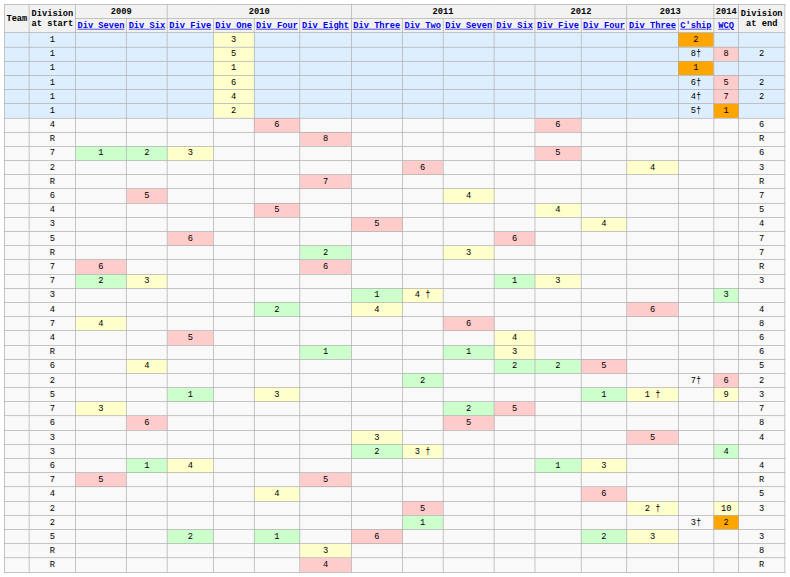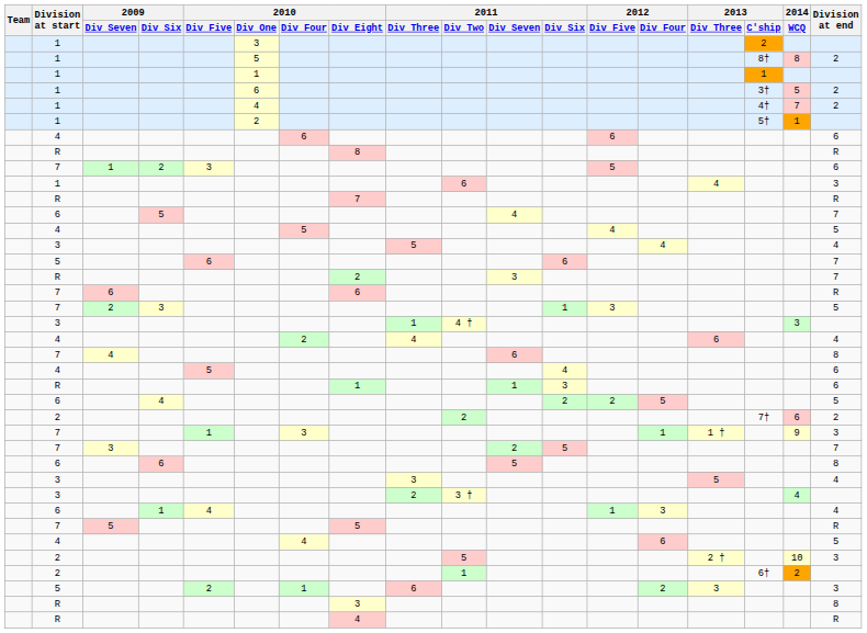 <table class="wikitable sortable" style="text-align: center;">
 <tr>
 <th rowspan=2>Team</th>
 <th rowspan=2>Division<br>at start</th>
 <th colspan=2>2009</th>
 <th colspan=4>2010</th>
 <th colspan=4>2011</th>
 <th colspan=2>2012</th>
 <th colspan=2>2013</th>
 <th colspan=1>2014</th>
 <th rowspan=2>Division<br>at end</th>
 </tr>
 <tr>
 <th><a href='#'>Div Seven</a></th>
 <th><a href='#'>Div Six</a></th>
 <th><a href='#'>Div Five</a></th>
 <th><a href='#'>Div One</a></th>
 <th><a href='#'>Div Four</a></th>
 <th><a href='#'>Div Eight</a></th>
 <th><a href='#'>Div Three</a></th>
 <th><a href='#'>Div Two</a></th>
 <th><a href='#'>Div Seven</a></th>
 <th><a href='#'>Div Six</a></th>
 <th><a href='#'>Div Five</a></th>
 <th><a href='#'>Div Four</a></th>
 <th><a href='#'>Div Three</a></th>
 <th><a href='#'>C'ship</a></th>
 <th><a href='#'>WCQ</a></th>
 </tr>
 <tr bgcolor=ddeeff>
 <td style="text-align:left"></td>
 <td>1</td>
 <td></td>
 <td></td>
 <td></td>
 <td bgcolor=ffffcc>3 </td>
 <td></td>
 <td></td>
 <td></td>
 <td></td>
 <td></td>
 <td></td>
 <td></td>
 <td></td>
 <td></td>
 <td bgcolor=orange>2</td>
 <td></td>
 <td></td>
 </tr>
 <tr bgcolor=ddeeff>
 <td style="text-align:left"></td>
 <td>1</td>
 <td></td>
 <td></td>
 <td></td>
 <td bgcolor=ffffcc>5 </td>
 <td></td>
 <td></td>
 <td></td>
 <td></td>
 <td></td>
 <td></td>
 <td></td>
 <td></td>
 <td></td>
 <td>8†</td>
 <td bgcolor=ffcccc>8 </td>
 <td>2</td>
 </tr>
 <tr bgcolor=ddeeff>
 <td style="text-align:left"></td>
 <td>1</td>
 <td></td>
 <td></td>
 <td></td>
 <td bgcolor=ffffcc>1 </td>
 <td></td>
 <td></td>
 <td></td>
 <td></td>
 <td></td>
 <td></td>
 <td></td>
 <td></td>
 <td></td>
 <td bgcolor=orange>1</td>
 <td></td>
 <td></td>
 </tr>
 <tr bgcolor=ddeeff>
 <td style="text-align:left"></td>
 <td>1</td>
 <td></td>
 <td></td>
 <td></td>
 <td bgcolor=ffffcc>6 </td>
 <td></td>
 <td></td>
 <td></td>
 <td></td>
 <td></td>
 <td></td>
 <td></td>
 <td></td>
 <td></td>
-<td>6†</td>
+<td>3†</td>
 <td bgcolor=ffcccc>5 </td>
 <td>2</td>
 </tr>
 <tr bgcolor=ddeeff>
 <td style="text-align:left"></td>
 <td>1</td>
 <td></td>
 <td></td>
 <td></td>
 <td bgcolor=ffffcc>4 </td>
 <td></td>
 <td></td>
 <td></td>
 <td></td>
 <td></td>
 <td></td>
 <td></td>
 <td></td>
 <td></td>
 <td>4†</td>
 <td bgcolor=ffcccc>7 </td>
 <td>2</td>
 </tr>
 <tr bgcolor=ddeeff>
 <td style="text-align:left"></td>
 <td>1</td>
 <td></td>
 <td></td>
 <td></td>
 <td bgcolor=ffffcc>2 </td>
 <td></td>
 <td></td>
 <td></td>
 <td></td>
 <td></td>
 <td></td>
 <td></td>
 <td></td>
 <td></td>
 <td>5†</td>
 <td bgcolor=orange>1</td>
 <td></td>
 </tr>
 <tr>
 <td style="text-align:left"></td>
 <td>4</td>
 <td></td>
 <td></td>
 <td></td>
 <td></td>
 <td bgcolor=ffcccc>6 </td>
 <td></td>
 <td></td>
 <td></td>
 <td></td>
 <td></td>
 <td bgcolor=ffcccc>6 </td>
 <td></td>
 <td></td>
 <td></td>
 <td></td>
 <td>6</td>
 </tr>
 <tr>
 <td style="text-align:left"></td>
 <td>R</td>
 <td></td>
 <td></td>
 <td></td>
 <td></td>
 <td></td>
 <td bgcolor=ffcccc>8 </td>
 <td></td>
 <td></td>
 <td></td>
 <td></td>
 <td></td>
 <td></td>
 <td></td>
 <td></td>
 <td></td>
 <td>R</td>
 </tr>
 <tr>
 <td style="text-align:left"></td>
 <td>7</td>
 <td bgcolor=ccffcc>1 </td>
 <td bgcolor=ccffcc>2 </td>
 <td bgcolor=ffffcc>3 </td>
 <td></td>
 <td></td>
 <td></td>
 <td></td>
 <td></td>
 <td></td>
 <td></td>
 <td bgcolor=ffcccc>5 </td>
 <td></td>
 <td></td>
 <td></td>
 <td></td>
 <td>6</td>
 </tr>
 <tr>
 <td style="text-align:left"></td>
-<td>2</td>
+<td>1</td>
 <td></td>
 <td></td>
 <td></td>
 <td></td>
 <td></td>
 <td></td>
 <td></td>
 <td bgcolor=ffcccc>6 </td>
 <td></td>
 <td></td>
 <td></td>
 <td></td>
 <td bgcolor=ffffcc>4 </td>
 <td></td>
 <td></td>
 <td>3</td>
 </tr>
 <tr>
 <td style="text-align:left"></td>
 <td>R</td>
 <td></td>
 <td></td>
 <td></td>
 <td></td>
 <td></td>
 <td bgcolor=ffcccc>7 </td>
 <td></td>
 <td></td>
 <td></td>
 <td></td>
 <td></td>
 <td></td>
 <td></td>
 <td></td>
 <td></td>
 <td>R</td>
 </tr>
 <tr>
 <td style="text-align:left"></td>
 <td>6</td>
 <td></td>
 <td bgcolor=ffcccc>5 </td>
 <td></td>
 <td></td>
 <td></td>
 <td></td>
 <td></td>
 <td></td>
 <td bgcolor=ffffcc>4 </td>
 <td></td>
 <td></td>
 <td></td>
 <td></td>
 <td></td>
 <td></td>
 <td>7</td>
 </tr>
 <tr>
 <td style="text-align:left"></td>
 <td>4</td>
 <td></td>
 <td></td>
 <td></td>
 <td></td>
 <td bgcolor=ffcccc>5 </td>
 <td></td>
 <td></td>
 <td></td>
 <td></td>
 <td></td>
 <td bgcolor=ffffcc>4 </td>
 <td></td>
 <td></td>
 <td></td>
 <td></td>
 <td>5</td>
 </tr>
 <tr>
 <td style="text-align:left"></td>
 <td>3</td>
 <td></td>
 <td></td>
 <td></td>
 <td></td>
 <td></td>
 <td></td>
 <td bgcolor=ffcccc>5 </td>
 <td></td>
 <td></td>
 <td></td>
 <td></td>
 <td bgcolor=ffffcc>4 </td>
 <td></td>
 <td></td>
 <td></td>
 <td>4</td>
 </tr>
 <tr>
 <td style="text-align:left"></td>
 <td>5</td>
 <td></td>
 <td></td>
 <td bgcolor=ffcccc>6 </td>
 <td></td>
 <td></td>
 <td></td>
 <td></td>
 <td></td>
 <td></td>
 <td bgcolor=ffcccc>6 </td>
 <td></td>
 <td></td>
 <td></td>
 <td></td>
 <td></td>
 <td>7</td>
 </tr>
 <tr>
 <td style="text-align:left"></td>
 <td>R</td>
 <td></td>
 <td></td>
 <td></td>
 <td></td>
 <td></td>
 <td bgcolor=ccffcc>2 </td>
 <td></td>
 <td></td>
 <td bgcolor=ffffcc>3 </td>
 <td></td>
 <td></td>
 <td></td>
 <td></td>
 <td></td>
 <td></td>
 <td>7</td>
 </tr>
 <tr>
 <td style="text-align:left"></td>
 <td>7</td>
 <td bgcolor=ffcccc>6 </td>
 <td></td>
 <td></td>
 <td></td>
 <td></td>
 <td bgcolor=ffcccc>6 </td>
 <td></td>
 <td></td>
 <td></td>
 <td></td>
 <td></td>
 <td></td>
 <td></td>
 <td></td>
 <td></td>
 <td>R</td>
 </tr>
 <tr>
 <td style="text-align:left"></td>
 <td>7</td>
 <td bgcolor=ccffcc>2 </td>
 <td bgcolor=ffffcc>3 </td>
 <td></td>
 <td></td>
 <td></td>
 <td></td>
 <td></td>
 <td></td>
 <td></td>
 <td bgcolor=ccffcc>1 </td>
 <td bgcolor=ffffcc>3 </td>
 <td></td>
 <td></td>
 <td></td>
 <td></td>
-<td>3</td>
+<td>5</td>
 </tr>
 <tr>
 <td style="text-align:left"></td>
 <td>3</td>
 <td></td>
 <td></td>
 <td></td>
 <td></td>
 <td></td>
 <td></td>
 <td bgcolor=ccffcc>1 </td>
 <td bgcolor=ffffcc>4 †</td>
 <td></td>
 <td></td>
 <td></td>
 <td></td>
 <td></td>
 <td></td>
 <td bgcolor=ccffcc>3 </td>
 <td></td>
 </tr>
 <tr>
 <td style="text-align:left"></td>
 <td>4</td>
 <td></td>
 <td></td>
 <td></td>
 <td></td>
 <td bgcolor=ccffcc>2 </td>
 <td></td>
 <td bgcolor=ffffcc>4 </td>
 <td></td>
 <td></td>
 <td></td>
 <td></td>
 <td></td>
 <td bgcolor=ffcccc>6 </td>
 <td></td>
 <td></td>
 <td>4</td>
 </tr>
 <tr>
 <td style="text-align:left"></td>
 <td>7</td>
 <td bgcolor=ffffcc>4 </td>
 <td></td>
 <td></td>
 <td></td>
 <td></td>
 <td></td>
 <td></td>
 <td></td>
 <td bgcolor=ffcccc>6 </td>
 <td></td>
 <td></td>
 <td></td>
 <td></td>
 <td></td>
 <td></td>
 <td>8</td>
 </tr>
 <tr>
 <td style="text-align:left"></td>
 <td>4</td>
 <td></td>
 <td></td>
 <td bgcolor=ffcccc>5 </td>
 <td></td>
 <td></td>
 <td></td>
 <td></td>
 <td></td>
 <td></td>
 <td bgcolor=ffffcc>4 </td>
 <td></td>
 <td></td>
 <td></td>
 <td></td>
 <td></td>
 <td>6</td>
 </tr>
 <tr>
 <td style="text-align:left"></td>
 <td>R</td>
 <td></td>
 <td></td>
 <td></td>
 <td></td>
 <td></td>
 <td bgcolor=ccffcc>1 </td>
 <td></td>
 <td></td>
 <td bgcolor=ccffcc>1 </td>
 <td bgcolor=ffffcc>3 </td>
 <td></td>
 <td></td>
 <td></td>
 <td></td>
 <td></td>
 <td>6</td>
 </tr>
 <tr>
 <td style="text-align:left"></td>
 <td>6</td>
 <td></td>
 <td bgcolor=ffffcc>4 </td>
 <td></td>
 <td></td>
 <td></td>
 <td></td>
 <td></td>
 <td></td>
 <td></td>
 <td bgcolor=ccffcc>2 </td>
 <td bgcolor=ccffcc>2 </td>
 <td bgcolor=ffcccc>5 </td>
 <td></td>
 <td></td>
 <td></td>
 <td>5</td>
 </tr>
 <tr>
 <td style="text-align:left"></td>
 <td>2</td>
 <td></td>
 <td></td>
 <td></td>
 <td></td>
 <td></td>
 <td></td>
 <td></td>
 <td bgcolor=ccffcc>2 </td>
 <td></td>
 <td></td>
 <td></td>
 <td></td>
 <td></td>
 <td>7†</td>
 <td bgcolor=ffcccc>6 </td>
 <td>2</td>
 </tr>
 <tr>
 <td style="text-align:left"></td>
-<td>5</td>
+<td>7</td>
 <td></td>
 <td></td>
 <td bgcolor=ccffcc>1 </td>
 <td></td>
 <td bgcolor=ffffcc>3 </td>
 <td></td>
 <td></td>
 <td></td>
 <td></td>
 <td></td>
 <td></td>
 <td bgcolor=ccffcc>1 </td>
 <td bgcolor=ffffcc>1 †</td>
 <td></td>
 <td bgcolor=ffffcc>9 </td>
 <td>3</td>
 </tr>
 <tr>
 <td style="text-align:left"></td>
 <td>7</td>
 <td bgcolor=ffffcc>3 </td>
 <td></td>
 <td></td>
 <td></td>
 <td></td>
 <td></td>
 <td></td>
 <td></td>
 <td bgcolor=ccffcc>2 </td>
 <td bgcolor=ffcccc>5 </td>
 <td></td>
 <td></td>
 <td></td>
 <td></td>
 <td></td>
 <td>7</td>
 </tr>
 <tr>
 <td style="text-align:left"></td>
 <td>6</td>
 <td></td>
 <td bgcolor=ffcccc>6 </td>
 <td></td>
 <td></td>
 <td></td>
 <td></td>
 <td></td>
 <td></td>
 <td bgcolor=ffcccc>5 </td>
 <td></td>
 <td></td>
 <td></td>
 <td></td>
 <td></td>
 <td></td>
 <td>8</td>
 </tr>
 <tr>
 <td style="text-align:left"></td>
 <td>3</td>
 <td></td>
 <td></td>
 <td></td>
 <td></td>
 <td></td>
 <td></td>
 <td bgcolor=ffffcc>3 </td>
 <td></td>
 <td></td>
 <td></td>
 <td></td>
 <td></td>
 <td bgcolor=ffcccc>5 </td>
 <td></td>
 <td></td>
 <td>4</td>
 </tr>
 <tr>
 <td style="text-align:left"></td>
 <td>3</td>
 <td></td>
 <td></td>
 <td></td>
 <td></td>
 <td></td>
 <td></td>
 <td bgcolor=ccffcc>2 </td>
 <td bgcolor=ffffcc>3 †</td>
 <td></td>
 <td></td>
 <td></td>
 <td></td>
 <td></td>
 <td></td>
 <td bgcolor=ccffcc>4 </td>
 <td></td>
 </tr>
 <tr>
 <td style="text-align:left"></td>
 <td>6</td>
 <td></td>
 <td bgcolor=ccffcc>1 </td>
 <td bgcolor=ffffcc>4 </td>
 <td></td>
 <td></td>
 <td></td>
 <td></td>
 <td></td>
 <td></td>
 <td></td>
 <td bgcolor=ccffcc>1 </td>
 <td bgcolor=ffffcc>3 </td>
 <td></td>
 <td></td>
 <td></td>
 <td>4</td>
 </tr>
 <tr>
 <td style="text-align:left"></td>
 <td>7</td>
 <td bgcolor=ffcccc>5 </td>
 <td></td>
 <td></td>
 <td></td>
 <td></td>
 <td bgcolor=ffcccc>5 </td>
 <td></td>
 <td></td>
 <td></td>
 <td></td>
 <td></td>
 <td></td>
 <td></td>
 <td></td>
 <td></td>
 <td>R</td>
 </tr>
 <tr>
 <td style="text-align:left"></td>
 <td>4</td>
 <td></td>
 <td></td>
 <td></td>
 <td></td>
 <td bgcolor=ffffcc>4 </td>
 <td></td>
 <td></td>
 <td></td>
 <td></td>
 <td></td>
 <td></td>
 <td bgcolor=ffcccc>6 </td>
 <td></td>
 <td></td>
 <td></td>
 <td>5</td>
 </tr>
 <tr>
 <td style="text-align:left"></td>
 <td>2</td>
 <td></td>
 <td></td>
 <td></td>
 <td></td>
 <td></td>
 <td></td>
 <td></td>
 <td bgcolor=ffcccc>5 </td>
 <td></td>
 <td></td>
 <td></td>
 <td></td>
 <td bgcolor=ffffcc>2 †</td>
 <td></td>
 <td bgcolor=ffffcc>10 </td>
 <td>3</td>
 </tr>
 <tr>
 <td style="text-align:left"></td>
 <td>2</td>
 <td></td>
 <td></td>
 <td></td>
 <td></td>
 <td></td>
 <td></td>
 <td></td>
 <td bgcolor=ccffcc>1 </td>
 <td></td>
 <td></td>
 <td></td>
 <td></td>
 <td></td>
-<td>3†</td>
+<td>6†</td>
 <td bgcolor=orange>2</td>
 <td></td>
 </tr>
 <tr>
 <td style="text-align:left"></td>
 <td>5</td>
 <td></td>
 <td></td>
 <td bgcolor=ccffcc>2 </td>
 <td></td>
 <td bgcolor=ccffcc>1 </td>
 <td></td>
 <td bgcolor=ffcccc>6 </td>
 <td></td>
 <td></td>
 <td></td>
 <td></td>
 <td bgcolor=ccffcc>2 </td>
 <td bgcolor=ffffcc>3 </td>
 <td></td>
 <td></td>
 <td>3</td>
 </tr>
 <tr>
 <td style="text-align:left"></td>
 <td>R</td>
 <td></td>
 <td></td>
 <td></td>
 <td></td>
 <td></td>
 <td bgcolor=ffffcc>3 </td>
 <td></td>
 <td></td>
 <td></td>
 <td></td>
 <td></td>
 <td></td>
 <td></td>
 <td></td>
 <td></td>
 <td>8</td>
 </tr>
 <tr>
 <td style="text-align:left"></td>
 <td>R</td>
 <td></td>
 <td></td>
 <td></td>
 <td></td>
 <td></td>
 <td bgcolor=ffcccc>4 </td>
 <td></td>
 <td></td>
 <td></td>
 <td></td>
 <td></td>
 <td></td>
 <td></td>
 <td></td>
 <td></td>
 <td>R</td>
 </tr>
 </table>
